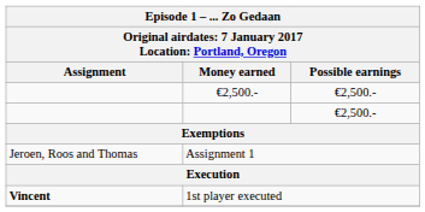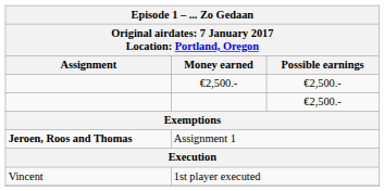 <table class="wikitable" style="font-size: 95%; margin: 10px" align="right" width="40%">
 <tr>
 <th colspan=3>Episode 1 – ... Zo Gedaan</th>
 </tr>
 <tr>
 <th colspan=3>Original airdates: 7 January 2017<br>Location: <a href='#'>Portland, Oregon</a></th>
 </tr>
 <tr>
 <th>Assignment</th>
 <th>Money earned</th>
 <th>Possible earnings</th>
 </tr>
 <tr>
 <td></td>
 <td align="center">€2,500.-</td>
 <td align="center">€2,500.-</td>
 </tr>
 <tr>
 <td><strong></strong></td>
 <td align="center"><strong></strong></td>
 <td align="center">€2,500.-</td>
 </tr>
 <tr>
 <th colspan=3>Exemptions</th>
 </tr>
 <tr>
-<td>Jeroen, Roos and Thomas</td>
+<td><strong>Jeroen, Roos and Thomas</strong></td>
 <td colspan=2>Assignment 1</td>
 </tr>
 <tr>
 <th colspan=3>Execution</th>
 </tr>
 <tr>
-<td><strong>Vincent</strong></td>
+<td>Vincent</td>
 <td colspan=2>1st player executed</td>
 </tr>
 <tr>
 </tr>
 </table>
